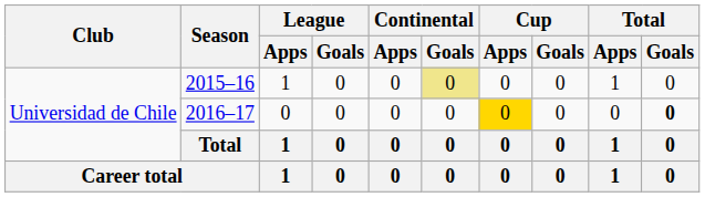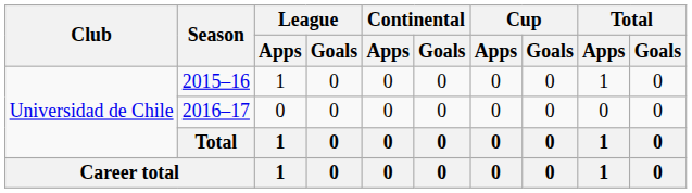 <table class="wikitable" style="text-align: center;">
 <tr>
 <th rowspan="2">Club</th>
 <th rowspan="2">Season</th>
 <th colspan="2">League</th>
 <th colspan="2">Continental</th>
 <th colspan="2">Cup</th>
 <th colspan="2">Total</th>
 </tr>
 <tr>
 <th>Apps</th>
 <th>Goals</th>
 <th>Apps</th>
 <th>Goals</th>
 <th>Apps</th>
 <th>Goals</th>
 <th>Apps</th>
 <th>Goals</th>
 </tr>
 <tr>
 <td rowspan="3"><a href='#'>Universidad de Chile</a></td>
 <td><a href='#'>2015–16</a></td>
 <td>1</td>
 <td>0</td>
 <td>0</td>
-<td style="background: khaki;">0</td>
+<td>0</td>
 <td>0</td>
 <td>0</td>
 <td>1</td>
 <td>0</td>
 </tr>
 <tr>
 <td><a href='#'>2016–17</a></td>
 <td>0</td>
 <td>0</td>
 <td>0</td>
 <td>0</td>
-<td style="background: gold;">0</td>
 <td>0</td>
 <td>0</td>
-<td><strong>0</strong></td>
+<td>0</td>
+<td>0</td>
 </tr>
 <tr>
 <th>Total</th>
 <th>1</th>
 <th>0</th>
 <th>0</th>
 <th>0</th>
 <th>0</th>
 <th>0</th>
 <th>1</th>
 <th>0</th>
 </tr>
 <tr>
 <th colspan="2">Career total</th>
 <th>1</th>
 <th>0</th>
 <th>0</th>
 <th>0</th>
 <th>0</th>
 <th>0</th>
 <th>1</th>
 <th>0</th>
 </tr>
 </table>
